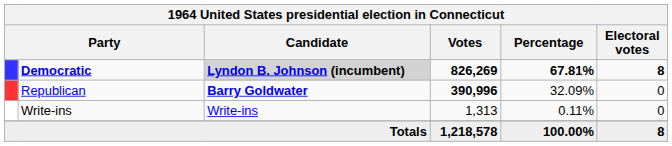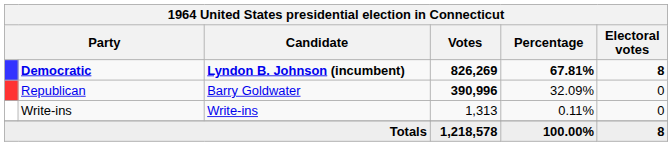 <table class="wikitable" style="font-size: 95%;">
 <tr>
 <th colspan="6">1964 United States presidential election in Connecticut</th>
 </tr>
 <tr>
 <th colspan="2" style="width: 15em">Party</th>
 <th style="width: 17em">Candidate</th>
 <th style="width: 5em">Votes</th>
 <th style="width: 7em">Percentage</th>
 <th style="width: 5em">Electoral votes</th>
 </tr>
 <tr>
 <th style="background-color:#3333FF; width: 3px"></th>
 <td style="width: 130px"><strong><a href='#'>Democratic</a></strong></td>
-<td style="background: lightgrey;"><strong><a href='#'>Lyndon B. Johnson</a> (incumbent)</strong></td>
+<td><strong><a href='#'>Lyndon B. Johnson</a> (incumbent)</strong></td>
 <td align="right"><strong>826,269</strong></td>
 <td align="right"><strong>67.81%</strong></td>
 <td align="right"><strong>8</strong></td>
 </tr>
 <tr>
 <th style="background-color:#FF3333; width: 3px"></th>
 <td style="width: 130px"><a href='#'>Republican</a></td>
-<td><strong><a href='#'>Barry Goldwater</a></strong></td>
+<td><a href='#'>Barry Goldwater</a></td>
 <td align="right"><strong>390,996</strong></td>
 <td align="right">32.09%</td>
 <td align="right">0</td>
 </tr>
 <tr>
 <th style="background-color:#FFFFFF; width: 3px"></th>
 <td style="width: 130px">Write-ins</td>
 <td><a href='#'>Write-ins</a></td>
 <td align="right">1,313</td>
 <td align="right">0.11%</td>
 <td align="right">0</td>
 </tr>
 <tr>
 </tr>
 <tr bgcolor="#EEEEEE">
 <td colspan="3" align="right"><strong>Totals</strong></td>
 <td align="right"><strong>1,218,578</strong></td>
 <td align="right"><strong>100.00%</strong></td>
 <td align="right"><strong>8</strong></td>
 </tr>
 </table>
